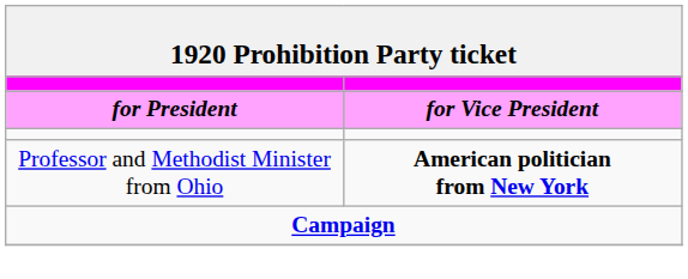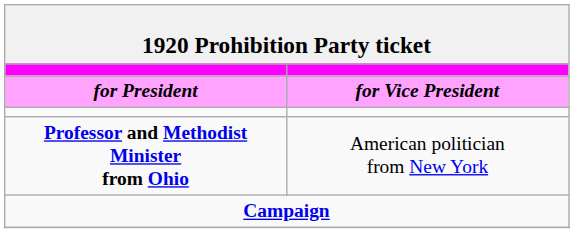 <table class="wikitable" style="font-size:90%; text-align:center;">
 <tr>
 <td style="background:#f1f1f1;" colspan="30"><br><big><strong>1920 Prohibition Party ticket</strong></big></td>
 </tr>
 <tr>
 <th style="width:3em; font-size:135%; background:#FF00FF; width:200px;"><a href='#'> </a></th>
 <th style="width:3em; font-size:135%; background:#FF00FF; width:200px;"><a href='#'> </a></th>
 </tr>
 <tr style="color:#000; font-size:100%; background:#ffa3ff;">
 <td style="width:3em; width:200px;"><strong><em>for President</em></strong></td>
 <td style="width:3em; width:200px;"><strong><em>for Vice President</em></strong></td>
 </tr>
 <tr>
 <td></td>
 <td></td>
 </tr>
 <tr>
-<td><a href='#'>Professor</a> and <a href='#'>Methodist Minister</a><br>from <a href='#'>Ohio</a></td>
-<td><strong>American politician<br>from <a href='#'>New York</a></strong></td>
+<td><strong><a href='#'>Professor</a> and <a href='#'>Methodist Minister</a><br>from <a href='#'>Ohio</a></strong></td>
+<td>American politician<br>from <a href='#'>New York</a></td>
 </tr>
 <tr>
 <td colspan=2><a href='#'><strong>Campaign</strong></a></td>
 </tr>
 <tr>
 </tr>
 <tr>
 </tr>
 </table>
